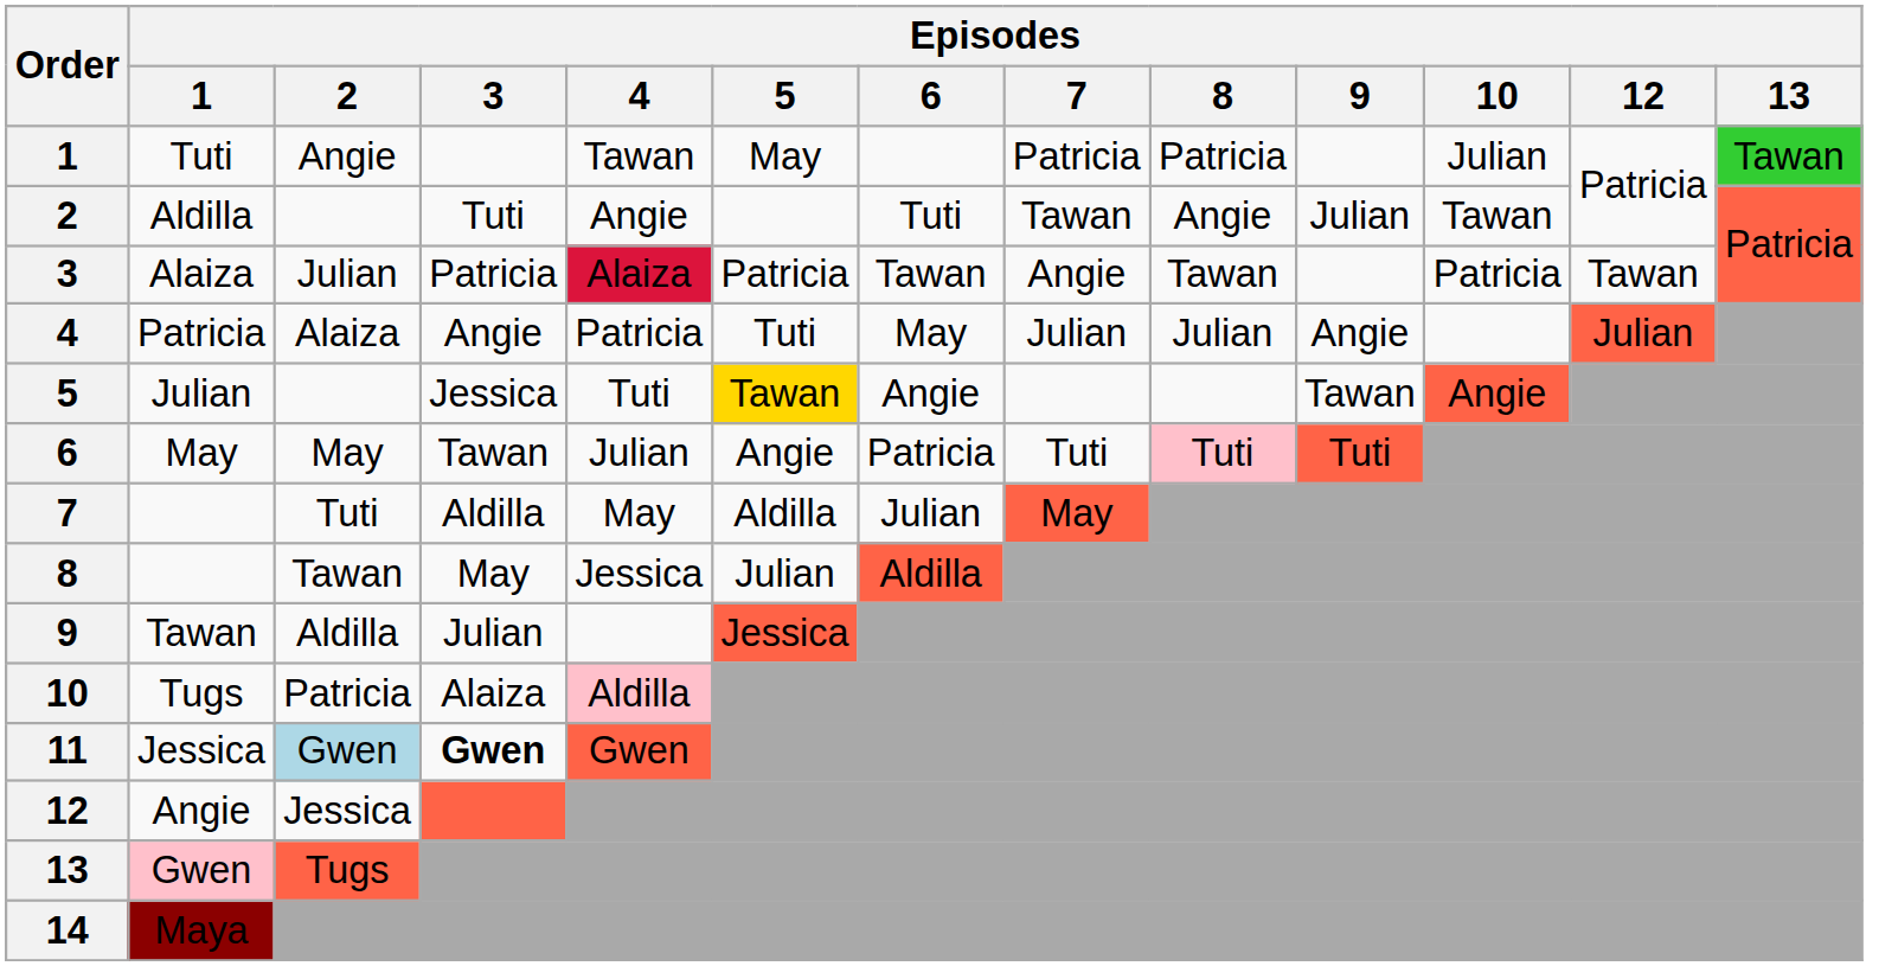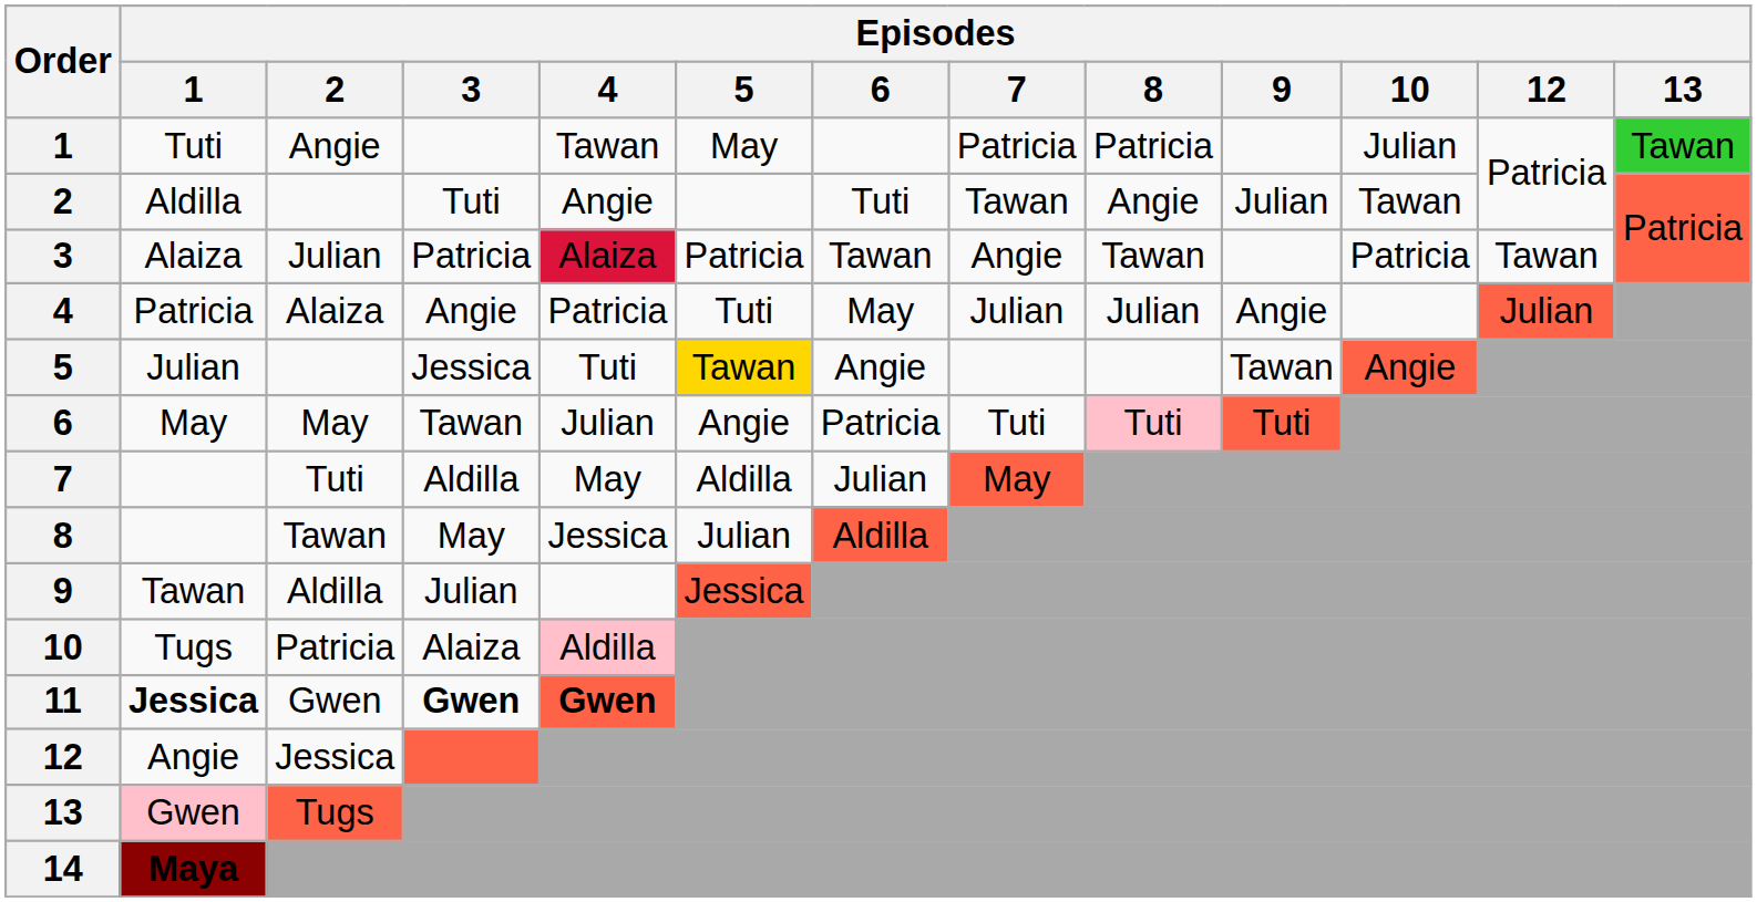 <table class="wikitable" style="text-align:center; font-size:92%">
 <tr>
 <th rowspan=2>Order</th>
 <th colspan="12">Episodes</th>
 </tr>
 <tr>
 <th>1</th>
 <th>2</th>
 <th>3</th>
 <th>4</th>
 <th>5</th>
 <th>6</th>
 <th>7</th>
 <th>8</th>
 <th>9</th>
 <th>10</th>
 <th>12</th>
 <th>13</th>
 </tr>
 <tr>
 <th>1</th>
 <td>Tuti</td>
 <td>Angie</td>
 <td></td>
 <td>Tawan</td>
 <td>May</td>
 <td></td>
 <td>Patricia</td>
 <td>Patricia</td>
 <td></td>
 <td>Julian</td>
 <td rowspan="2">Patricia<br></td>
 <td style="background:limegreen;">Tawan</td>
 </tr>
 <tr>
 <th>2</th>
 <td>Aldilla</td>
 <td></td>
 <td>Tuti</td>
 <td>Angie</td>
 <td></td>
 <td>Tuti</td>
 <td>Tawan</td>
 <td>Angie</td>
 <td>Julian</td>
 <td>Tawan</td>
 <td rowspan="2" style="background:tomato;">Patricia<br> </td>
 </tr>
 <tr>
 <th>3</th>
 <td>Alaiza</td>
 <td>Julian</td>
 <td>Patricia</td>
 <td style="background:crimson;"><span>Alaiza</span></td>
 <td>Patricia</td>
 <td>Tawan</td>
 <td>Angie</td>
 <td>Tawan</td>
 <td></td>
 <td>Patricia</td>
 <td>Tawan</td>
 </tr>
 <tr>
 <th>4</th>
 <td>Patricia</td>
 <td>Alaiza</td>
 <td>Angie</td>
 <td>Patricia</td>
 <td>Tuti</td>
 <td>May</td>
 <td>Julian</td>
 <td>Julian</td>
 <td>Angie</td>
 <td></td>
 <td style="background:tomato;">Julian</td>
 <td style="background:darkgray;"></td>
 </tr>
 <tr>
 <th>5</th>
 <td>Julian</td>
 <td></td>
 <td>Jessica</td>
 <td>Tuti</td>
 <td style="background:gold;">Tawan</td>
 <td>Angie</td>
 <td></td>
 <td></td>
 <td>Tawan</td>
 <td style="background:tomato;">Angie</td>
 <td style="background:darkgray;" colspan="5"></td>
 </tr>
 <tr>
 <th>6</th>
 <td>May</td>
 <td>May</td>
 <td>Tawan</td>
 <td>Julian</td>
 <td>Angie</td>
 <td>Patricia</td>
 <td>Tuti</td>
 <td style="background:pink;">Tuti</td>
 <td style="background:tomato;">Tuti</td>
 <td style="background:darkgray;" colspan="6"></td>
 </tr>
 <tr>
 <th>7</th>
 <td></td>
 <td>Tuti</td>
 <td>Aldilla</td>
 <td>May</td>
 <td>Aldilla</td>
 <td>Julian</td>
 <td style="background:tomato;">May</td>
 <td style="background:darkgray;" colspan="7"></td>
 </tr>
 <tr>
 <th>8</th>
 <td></td>
 <td>Tawan</td>
 <td>May</td>
 <td>Jessica</td>
 <td>Julian</td>
 <td style="background:tomato;">Aldilla</td>
 <td style="background:darkgray;" colspan="8"></td>
 </tr>
 <tr>
 <th>9</th>
 <td>Tawan</td>
 <td>Aldilla</td>
 <td>Julian</td>
 <td></td>
 <td style="background:tomato;">Jessica</td>
 <td style="background:darkgray;" colspan="9"></td>
 </tr>
 <tr>
 <th>10</th>
 <td>Tugs</td>
 <td>Patricia</td>
 <td>Alaiza</td>
 <td style="background:pink;">Aldilla</td>
 <td style="background:darkgray;" colspan="10"></td>
 </tr>
 <tr>
 <th>11</th>
-<td>Jessica</td>
-<td style="background: lightblue;">Gwen</td>
+<td><strong>Jessica</strong></td>
+<td>Gwen</td>
 <td><strong>Gwen</strong></td>
-<td style="background:tomato;">Gwen</td>
+<td style="background:tomato;"><strong>Gwen</strong></td>
 <td style="background:darkgray;" colspan="11"></td>
 </tr>
 <tr>
 <th>12</th>
 <td>Angie</td>
 <td>Jessica</td>
 <td style="background:tomato;"></td>
 <td style="background:darkgray;" colspan="12"></td>
 </tr>
 <tr>
 <th>13</th>
 <td style="background:pink;">Gwen</td>
 <td style="background:tomato;">Tugs</td>
 <td style="background:darkgray;" colspan="13"></td>
 </tr>
 <tr>
 <th>14</th>
-<td style="background:darkred;"><span>Maya</span></td>
+<td style="background:darkred;"><strong><span>Maya</span></strong></td>
 <td style="background:darkgray;" colspan="14"></td>
 </tr>
 </table>
